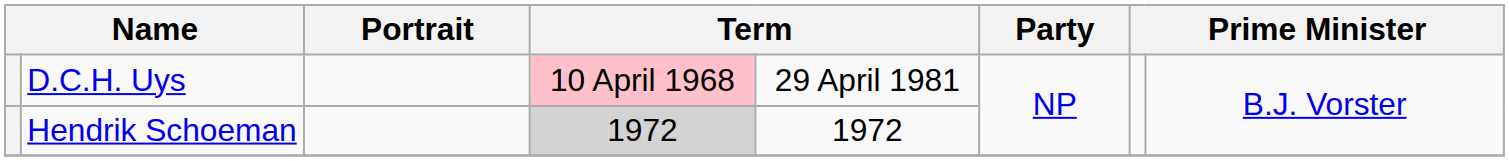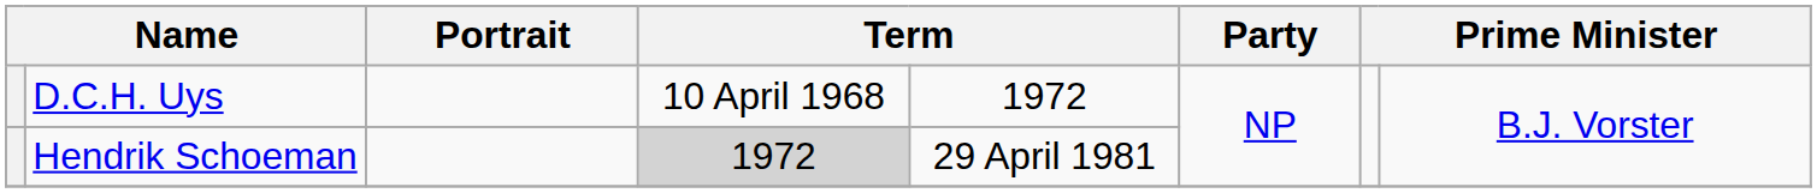 <table class="wikitable" width=60%>
 <tr>
 <th colspan=2 width=20%>Name</th>
 <th width=75>Portrait</th>
 <th colspan=2 width=30%>Term</th>
 <th width=10%>Party</th>
 <th colspan=2 width=25%>Prime Minister</th>
 </tr>
 <tr style="text-align:center">
 <th style="width:1%;background-color: "></th>
 <td align=left><a href='#'>D.C.H. Uys</a></td>
 <td></td>
-<td style="background: pink;">10 April 1968</td>
-<td>29 April 1981</td>
+<td>10 April 1968</td>
+<td>1972</td>
 <td rowspan=2><a href='#'>NP</a></td>
 <td rowspan=2 style="width:1%;background-color: "></td>
 <td rowspan=2><a href='#'>B.J. Vorster</a><br> </td>
 </tr>
 <tr style="text-align:center">
 <th style="width:1%;background-color: "></th>
 <td align=left><a href='#'>Hendrik Schoeman</a></td>
 <td></td>
 <td style="background: lightgrey;">1972</td>
-<td>1972</td>
+<td>29 April 1981</td>
 </tr>
 <tr>
 </tr>
 </table>
